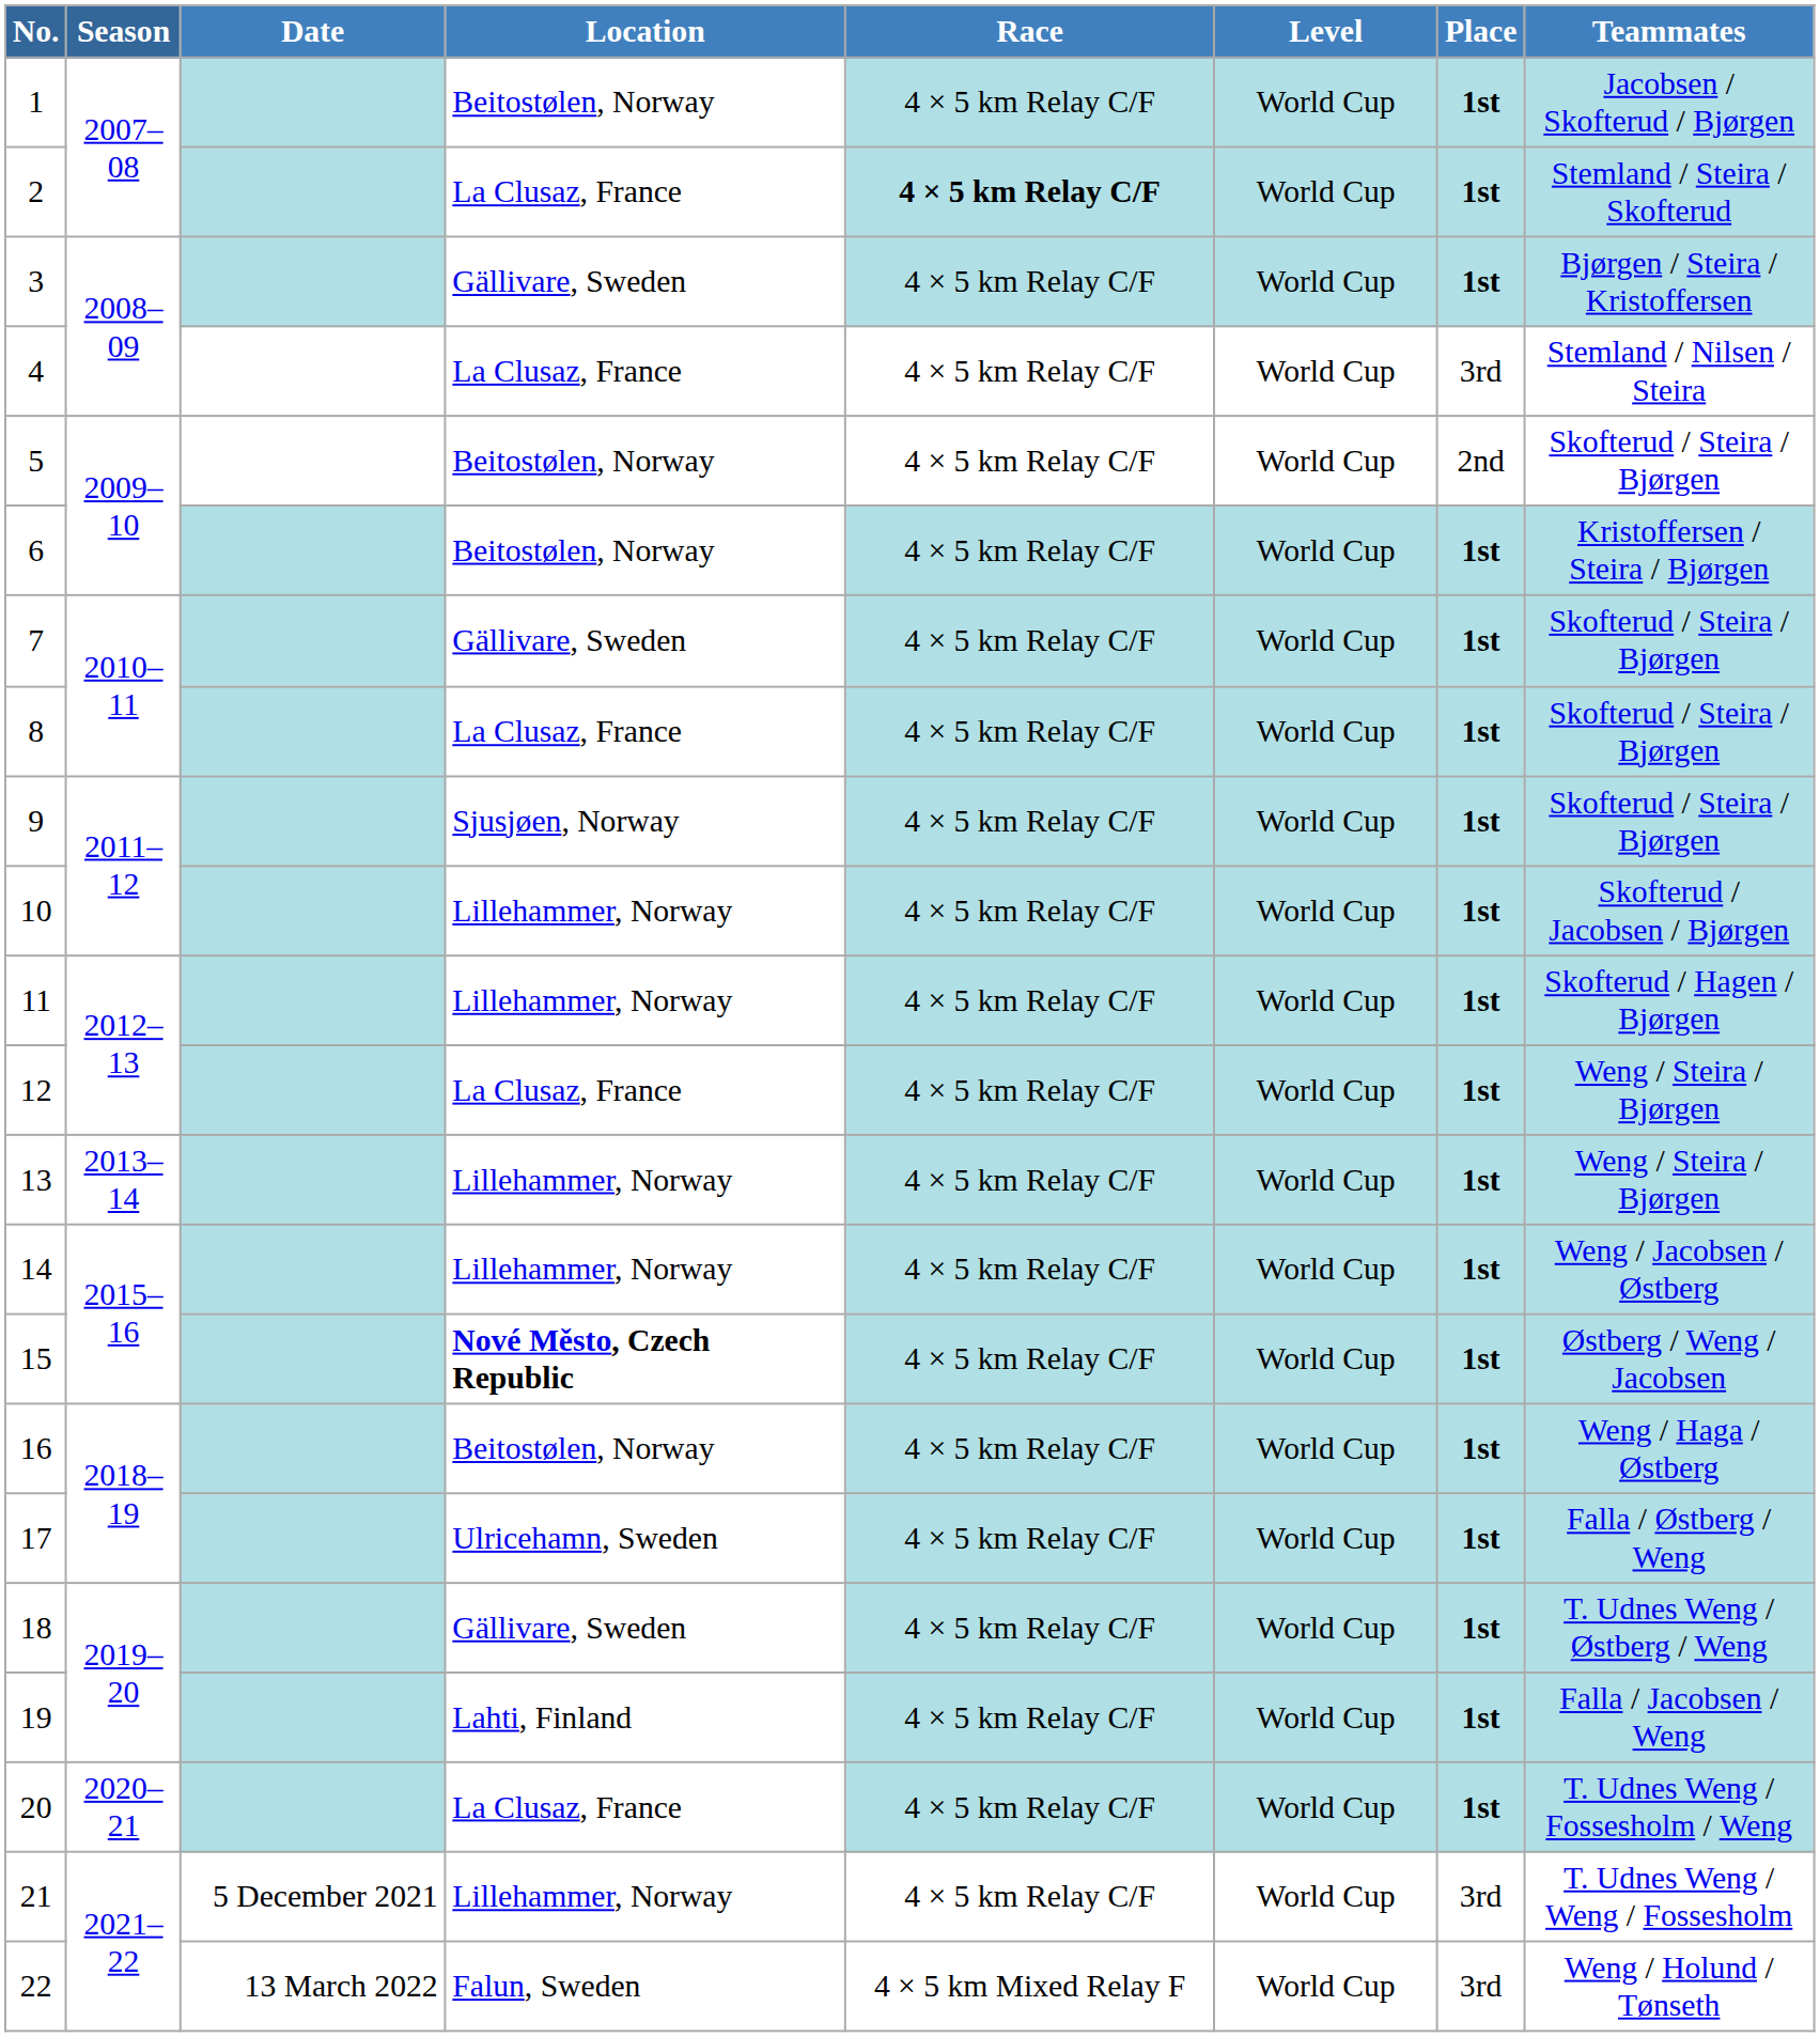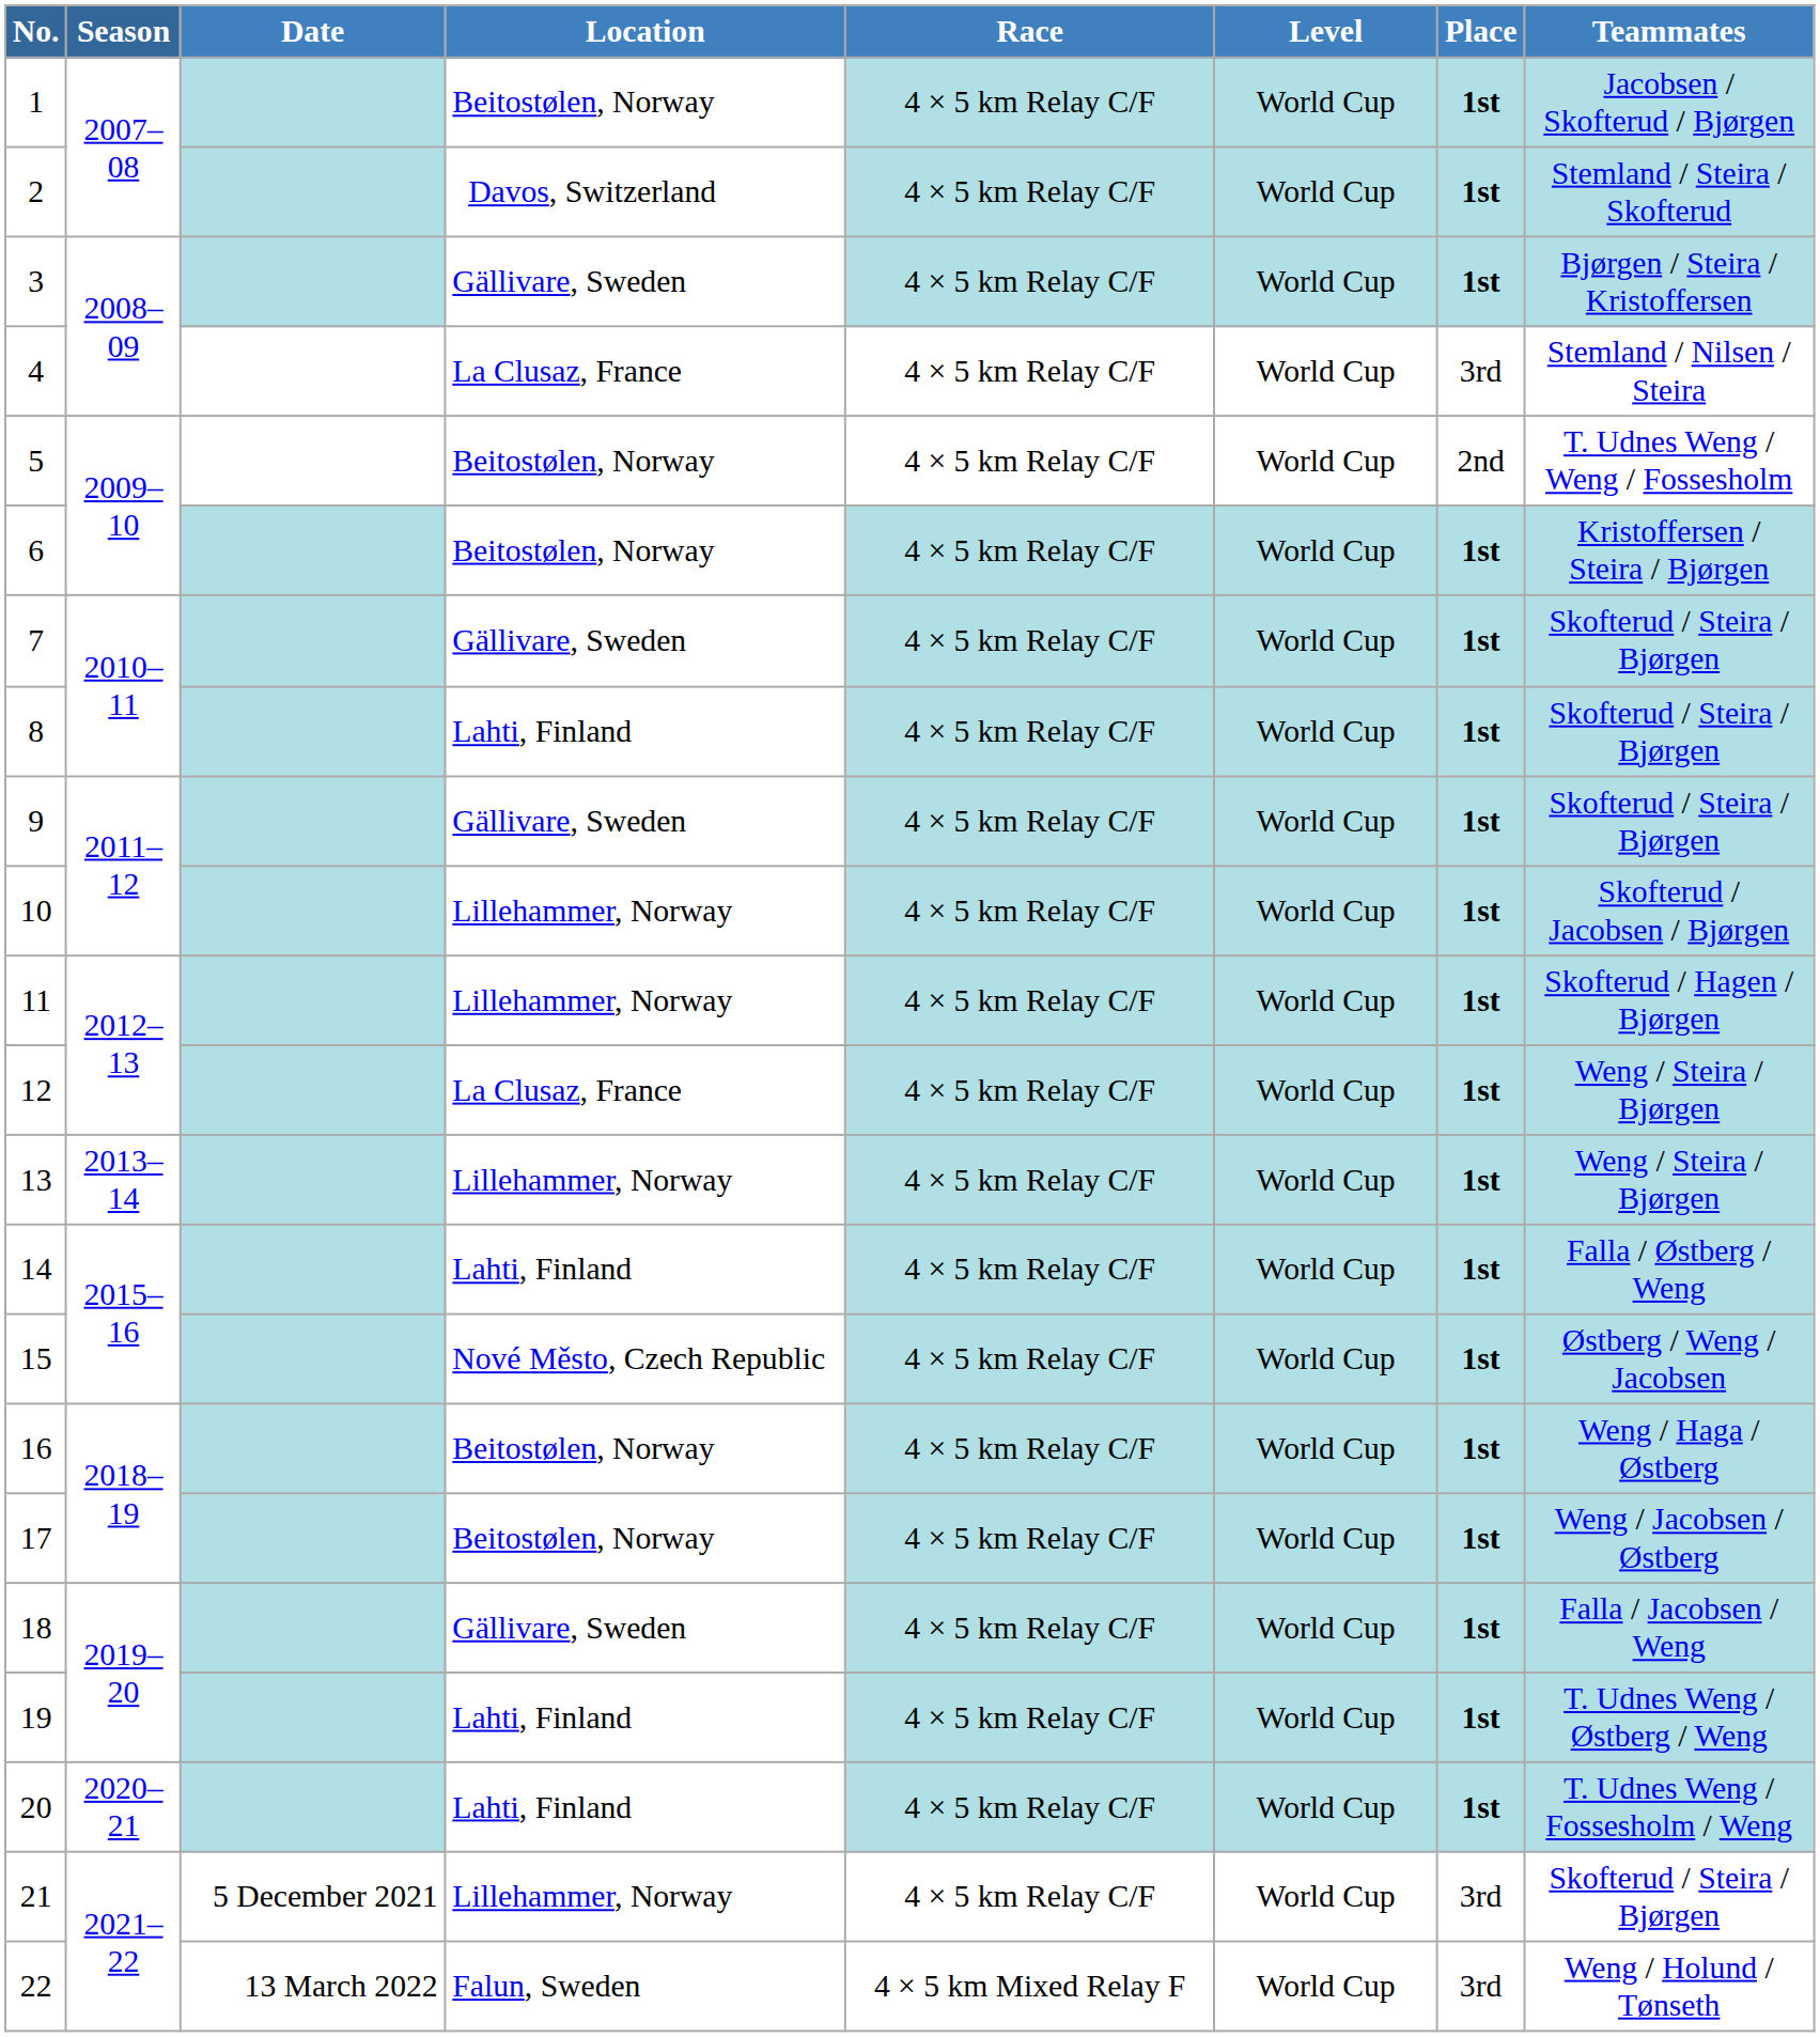 <table class="wikitable sortable" style="font-size:95%; text-align:center; border:grey solid 1px; border-collapse:collapse; background:#ffffff;">
 <tr style="background:#efefef;">
 <th style="background-color:#369; color:white;">No.</th>
 <th style="background-color:#369; color:white;">Season</th>
 <th style="background-color:#4180be; color:white; width:120px;">Date</th>
 <th style="background-color:#4180be; color:white; width:185px;">Location</th>
 <th style="background-color:#4180be; color:white; width:170px;">Race</th>
 <th style="background-color:#4180be; color:white; width:100px;">Level</th>
 <th style="background-color:#4180be; color:white;">Place</th>
 <th style="background-color:#4180be; color:white;">Teammates</th>
 </tr>
 <tr>
 <td>1</td>
 <td rowspan="2"><a href='#'>2007–08</a></td>
 <td bgcolor="#BOEOE6" style="text-align: right;"></td>
 <td style="text-align: left;"> <a href='#'>Beitostølen</a>, Norway</td>
 <td bgcolor="#BOEOE6">4 × 5 km Relay C/F</td>
 <td bgcolor="#BOEOE6">World Cup</td>
 <td bgcolor="#BOEOE6"><strong>1st</strong></td>
 <td bgcolor="#BOEOE6"><a href='#'>Jacobsen</a> / <a href='#'>Skofterud</a> / <a href='#'>Bjørgen</a></td>
 </tr>
 <tr>
 <td>2</td>
 <td bgcolor="#BOEOE6" style="text-align: right;"></td>
-<td style="text-align: left;"> <a href='#'>La Clusaz</a>, France</td>
-<td bgcolor="#BOEOE6"><strong>4 × 5 km Relay C/F</strong></td>
+<td style="text-align: left;">  <a href='#'>Davos</a>, Switzerland</td>
+<td bgcolor="#BOEOE6">4 × 5 km Relay C/F</td>
 <td bgcolor="#BOEOE6">World Cup</td>
 <td bgcolor="#BOEOE6"><strong>1st</strong></td>
 <td bgcolor="#BOEOE6"><a href='#'>Stemland</a> / <a href='#'>Steira</a> / <a href='#'>Skofterud</a></td>
 </tr>
 <tr>
 <td>3</td>
 <td rowspan="2"><a href='#'>2008–09</a></td>
 <td bgcolor="#BOEOE6" style="text-align: right;"></td>
 <td style="text-align: left;"> <a href='#'>Gällivare</a>, Sweden</td>
 <td bgcolor="#BOEOE6">4 × 5 km Relay C/F</td>
 <td bgcolor="#BOEOE6">World Cup</td>
 <td bgcolor="#BOEOE6"><strong>1st</strong></td>
 <td bgcolor="#BOEOE6"><a href='#'>Bjørgen</a> / <a href='#'>Steira</a> / <a href='#'>Kristoffersen</a></td>
 </tr>
 <tr>
 <td>4</td>
 <td style="text-align: right;"></td>
 <td style="text-align: left;"> <a href='#'>La Clusaz</a>, France</td>
 <td>4 × 5 km Relay C/F</td>
 <td>World Cup</td>
 <td>3rd</td>
 <td><a href='#'>Stemland</a> / <a href='#'>Nilsen</a> / <a href='#'>Steira</a></td>
 </tr>
 <tr>
 <td>5</td>
 <td rowspan="2"><a href='#'>2009–10</a></td>
 <td style="text-align: right;"></td>
 <td style="text-align: left;"> <a href='#'>Beitostølen</a>, Norway</td>
 <td>4 × 5 km Relay C/F</td>
 <td>World Cup</td>
 <td>2nd</td>
-<td><a href='#'>Skofterud</a> / <a href='#'>Steira</a> / <a href='#'>Bjørgen</a></td>
+<td><a href='#'>T. Udnes Weng</a> / <a href='#'>Weng</a> / <a href='#'>Fossesholm</a></td>
 </tr>
 <tr>
 <td>6</td>
 <td bgcolor="#BOEOE6" style="text-align: right;"></td>
 <td style="text-align: left;"> <a href='#'>Beitostølen</a>, Norway</td>
 <td bgcolor="#BOEOE6">4 × 5 km Relay C/F</td>
 <td bgcolor="#BOEOE6">World Cup</td>
 <td bgcolor="#BOEOE6"><strong>1st</strong></td>
 <td bgcolor="#BOEOE6"><a href='#'>Kristoffersen</a> / <a href='#'>Steira</a> / <a href='#'>Bjørgen</a></td>
 </tr>
 <tr>
 <td>7</td>
 <td rowspan="2"><a href='#'>2010–11</a></td>
 <td bgcolor="#BOEOE6" style="text-align: right;"></td>
 <td style="text-align: left;"> <a href='#'>Gällivare</a>, Sweden</td>
 <td bgcolor="#BOEOE6">4 × 5 km Relay C/F</td>
 <td bgcolor="#BOEOE6">World Cup</td>
 <td bgcolor="#BOEOE6"><strong>1st</strong></td>
 <td bgcolor="#BOEOE6"><a href='#'>Skofterud</a> / <a href='#'>Steira</a> / <a href='#'>Bjørgen</a></td>
 </tr>
 <tr>
 <td>8</td>
 <td bgcolor="#BOEOE6" style="text-align: right;"></td>
-<td style="text-align: left;"> <a href='#'>La Clusaz</a>, France</td>
+<td align=left> <a href='#'>Lahti</a>, Finland</td>
 <td bgcolor="#BOEOE6">4 × 5 km Relay C/F</td>
 <td bgcolor="#BOEOE6">World Cup</td>
 <td bgcolor="#BOEOE6"><strong>1st</strong></td>
 <td bgcolor="#BOEOE6"><a href='#'>Skofterud</a> / <a href='#'>Steira</a> / <a href='#'>Bjørgen</a></td>
 </tr>
 <tr>
 <td>9</td>
 <td rowspan="2"><a href='#'>2011–12</a></td>
 <td bgcolor="#BOEOE6" style="text-align: right;"></td>
-<td style="text-align: left;"> <a href='#'>Sjusjøen</a>, Norway</td>
+<td style="text-align: left;"> <a href='#'>Gällivare</a>, Sweden</td>
 <td bgcolor="#BOEOE6">4 × 5 km Relay C/F</td>
 <td bgcolor="#BOEOE6">World Cup</td>
 <td bgcolor="#BOEOE6"><strong>1st</strong></td>
 <td bgcolor="#BOEOE6"><a href='#'>Skofterud</a> / <a href='#'>Steira</a> / <a href='#'>Bjørgen</a></td>
 </tr>
 <tr>
 <td>10</td>
 <td bgcolor="#BOEOE6" style="text-align: right;"></td>
 <td style="text-align: left;"> <a href='#'>Lillehammer</a>, Norway</td>
 <td bgcolor="#BOEOE6">4 × 5 km Relay C/F</td>
 <td bgcolor="#BOEOE6">World Cup</td>
 <td bgcolor="#BOEOE6"><strong>1st</strong></td>
 <td bgcolor="#BOEOE6"><a href='#'>Skofterud</a> / <a href='#'>Jacobsen</a> / <a href='#'>Bjørgen</a></td>
 </tr>
 <tr>
 <td>11</td>
 <td rowspan="2"><a href='#'>2012–13</a></td>
 <td bgcolor="#BOEOE6" style="text-align: right;"></td>
 <td align=left> <a href='#'>Lillehammer</a>, Norway</td>
 <td bgcolor="#BOEOE6">4 × 5 km Relay C/F</td>
 <td bgcolor="#BOEOE6">World Cup</td>
 <td bgcolor="#BOEOE6"><strong>1st</strong></td>
 <td bgcolor="#BOEOE6"><a href='#'>Skofterud</a> / <a href='#'>Hagen</a> / <a href='#'>Bjørgen</a></td>
 </tr>
 <tr>
 <td>12</td>
 <td bgcolor="#BOEOE6" style="text-align: right;"></td>
 <td style="text-align: left;"> <a href='#'>La Clusaz</a>, France</td>
 <td bgcolor="#BOEOE6">4 × 5 km Relay C/F</td>
 <td bgcolor="#BOEOE6">World Cup</td>
 <td bgcolor="#BOEOE6"><strong>1st</strong></td>
 <td bgcolor="#BOEOE6"><a href='#'>Weng</a> / <a href='#'>Steira</a> / <a href='#'>Bjørgen</a></td>
 </tr>
 <tr>
 <td>13</td>
 <td><a href='#'>2013–14</a></td>
 <td bgcolor="#BOEOE6" style="text-align: right;"></td>
 <td style="text-align: left;"> <a href='#'>Lillehammer</a>, Norway</td>
 <td bgcolor="#BOEOE6">4 × 5 km Relay C/F</td>
 <td bgcolor="#BOEOE6">World Cup</td>
 <td bgcolor="#BOEOE6"><strong>1st</strong></td>
 <td bgcolor="#BOEOE6"><a href='#'>Weng</a> / <a href='#'>Steira</a> / <a href='#'>Bjørgen</a></td>
 </tr>
 <tr>
 <td>14</td>
 <td rowspan="2"><a href='#'>2015–16</a></td>
 <td bgcolor="#BOEOE6" style="text-align: right;"></td>
-<td style="text-align: left;"> <a href='#'>Lillehammer</a>, Norway</td>
+<td style="text-align: left;"> <a href='#'>Lahti</a>, Finland</td>
 <td bgcolor="#BOEOE6">4 × 5 km Relay C/F</td>
 <td bgcolor="#BOEOE6">World Cup</td>
 <td bgcolor="#BOEOE6"><strong>1st</strong></td>
-<td bgcolor="#BOEOE6"><a href='#'>Weng</a> / <a href='#'>Jacobsen</a> / <a href='#'>Østberg</a></td>
+<td bgcolor="#BOEOE6"><a href='#'>Falla</a> / <a href='#'>Østberg</a> / <a href='#'>Weng</a></td>
 </tr>
 <tr>
 <td>15</td>
 <td bgcolor="#BOEOE6" style="text-align: right;"></td>
-<td style="text-align: left;"><strong> <a href='#'>Nové Město</a>, Czech Republic</strong></td>
+<td style="text-align: left;"> <a href='#'>Nové Město</a>, Czech Republic</td>
 <td bgcolor="#BOEOE6">4 × 5 km Relay C/F</td>
 <td bgcolor="#BOEOE6">World Cup</td>
 <td bgcolor="#BOEOE6"><strong>1st</strong></td>
 <td bgcolor="#BOEOE6"><a href='#'>Østberg</a> / <a href='#'>Weng</a> / <a href='#'>Jacobsen</a></td>
 </tr>
 <tr>
 <td>16</td>
 <td rowspan="2"><a href='#'>2018–19</a></td>
 <td bgcolor="#BOEOE6" style="text-align: right;"></td>
 <td style="text-align: left;"> <a href='#'>Beitostølen</a>, Norway</td>
 <td bgcolor="#BOEOE6">4 × 5 km Relay C/F</td>
 <td bgcolor="#BOEOE6">World Cup</td>
 <td bgcolor="#BOEOE6"><strong>1st</strong></td>
 <td bgcolor="#BOEOE6"><a href='#'>Weng</a> / <a href='#'>Haga</a> / <a href='#'>Østberg</a></td>
 </tr>
 <tr>
 <td>17</td>
 <td bgcolor="#BOEOE6" style="text-align: right;"></td>
-<td style="text-align: left;"> <a href='#'>Ulricehamn</a>, Sweden</td>
+<td style="text-align: left;"> <a href='#'>Beitostølen</a>, Norway</td>
 <td bgcolor="#BOEOE6">4 × 5 km Relay C/F</td>
 <td bgcolor="#BOEOE6">World Cup</td>
 <td bgcolor="#BOEOE6"><strong>1st</strong></td>
-<td bgcolor="#BOEOE6"><a href='#'>Falla</a> / <a href='#'>Østberg</a> / <a href='#'>Weng</a></td>
+<td bgcolor="#BOEOE6"><a href='#'>Weng</a> / <a href='#'>Jacobsen</a> / <a href='#'>Østberg</a></td>
 </tr>
 <tr>
 <td>18</td>
 <td rowspan="2"><a href='#'>2019–20</a></td>
 <td bgcolor="#BOEOE6" style="text-align: right;"></td>
 <td style="text-align: left;"> <a href='#'>Gällivare</a>, Sweden</td>
 <td bgcolor="#BOEOE6">4 × 5 km Relay C/F</td>
 <td bgcolor="#BOEOE6">World Cup</td>
 <td bgcolor="#BOEOE6"><strong>1st</strong></td>
-<td bgcolor="#BOEOE6"><a href='#'>T. Udnes Weng</a> / <a href='#'>Østberg</a> / <a href='#'>Weng</a></td>
+<td bgcolor="#BOEOE6"><a href='#'>Falla</a> / <a href='#'>Jacobsen</a> / <a href='#'>Weng</a></td>
 </tr>
 <tr>
 <td>19</td>
 <td bgcolor="#BOEOE6" style="text-align: right;"></td>
 <td style="text-align: left;"> <a href='#'>Lahti</a>, Finland</td>
 <td bgcolor="#BOEOE6">4 × 5 km Relay C/F</td>
 <td bgcolor="#BOEOE6">World Cup</td>
 <td bgcolor="#BOEOE6"><strong>1st</strong></td>
-<td bgcolor="#BOEOE6"><a href='#'>Falla</a> / <a href='#'>Jacobsen</a> / <a href='#'>Weng</a></td>
+<td bgcolor="#BOEOE6"><a href='#'>T. Udnes Weng</a> / <a href='#'>Østberg</a> / <a href='#'>Weng</a></td>
 </tr>
 <tr>
 <td>20</td>
 <td rowspan=1><a href='#'>2020–21</a></td>
 <td bgcolor="#BOEOE6" style="text-align: right;"></td>
-<td style="text-align: left;"> <a href='#'>La Clusaz</a>, France</td>
+<td align=left> <a href='#'>Lahti</a>, Finland</td>
 <td bgcolor="#BOEOE6">4 × 5 km Relay C/F</td>
 <td bgcolor="#BOEOE6">World Cup</td>
 <td bgcolor="#BOEOE6"><strong>1st</strong></td>
 <td bgcolor="#BOEOE6"><a href='#'>T. Udnes Weng</a> / <a href='#'>Fossesholm</a> / <a href='#'>Weng</a></td>
 </tr>
 <tr>
 <td align=center>21</td>
 <td rowspan=2 align=center><a href='#'>2021–22</a></td>
 <td align=right>5 December 2021</td>
 <td align=left> <a href='#'>Lillehammer</a>, Norway</td>
 <td>4 × 5 km Relay C/F</td>
 <td>World Cup</td>
 <td>3rd</td>
-<td><a href='#'>T. Udnes Weng</a> / <a href='#'>Weng</a> / <a href='#'>Fossesholm</a></td>
+<td><a href='#'>Skofterud</a> / <a href='#'>Steira</a> / <a href='#'>Bjørgen</a></td>
 </tr>
 <tr>
 <td align=center>22</td>
 <td align=right>13 March 2022</td>
 <td align=left> <a href='#'>Falun</a>, Sweden</td>
 <td>4 × 5 km Mixed Relay F</td>
 <td>World Cup</td>
 <td>3rd</td>
 <td><a href='#'>Weng</a> / <a href='#'>Holund</a> / <a href='#'>Tønseth</a></td>
 </tr>
 </table>
